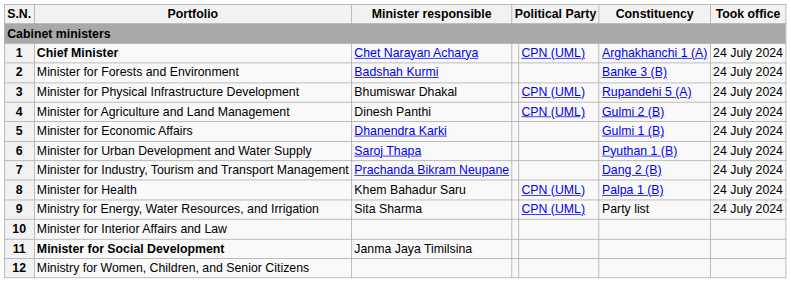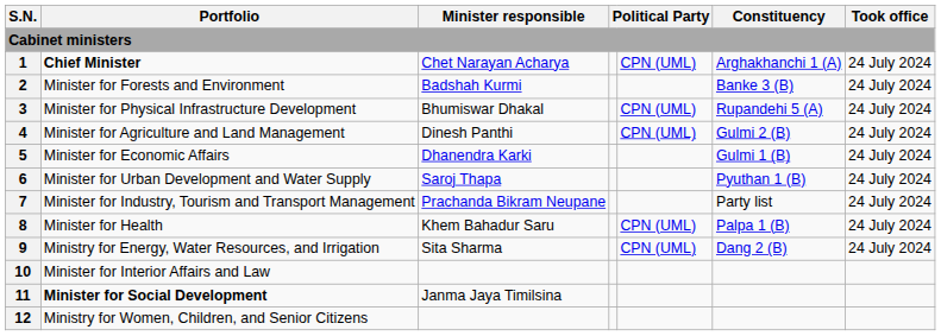 <table class="wikitable">
 <tr>
 <th>S.N.</th>
 <th>Portfolio</th>
 <th>Minister responsible</th>
 <th colspan="2">Political Party</th>
 <th>Constituency</th>
 <th>Took office</th>
 </tr>
 <tr>
 <td colspan="7" bgcolor="darkgrey"><strong>Cabinet ministers</strong></td>
 </tr>
 <tr>
 <th>1</th>
 <td><strong>Chief Minister</strong></td>
 <td><a href='#'>Chet Narayan Acharya</a></td>
 <td></td>
 <td><a href='#'>CPN (UML)</a></td>
 <td><a href='#'>Arghakhanchi 1 (A)</a></td>
 <td>24 July 2024</td>
 </tr>
 <tr>
 <th>2</th>
 <td>Minister for Forests and Environment</td>
 <td><a href='#'>Badshah Kurmi</a></td>
 <td></td>
 <td></td>
 <td><a href='#'>Banke 3 (B)</a></td>
 <td>24 July 2024</td>
 </tr>
 <tr>
 <th>3</th>
 <td>Minister for Physical Infrastructure Development</td>
 <td>Bhumiswar Dhakal</td>
 <td></td>
 <td><a href='#'>CPN (UML)</a></td>
 <td><a href='#'>Rupandehi 5 (A)</a></td>
 <td>24 July 2024</td>
 </tr>
 <tr>
 <th>4</th>
 <td>Minister for Agriculture and Land Management</td>
 <td>Dinesh Panthi</td>
 <td></td>
 <td><a href='#'>CPN (UML)</a></td>
 <td><a href='#'>Gulmi 2 (B)</a></td>
 <td>24 July 2024</td>
 </tr>
 <tr>
 <th>5</th>
 <td>Minister for Economic Affairs</td>
 <td><a href='#'>Dhanendra Karki</a></td>
 <td></td>
 <td></td>
 <td><a href='#'>Gulmi 1 (B)</a></td>
 <td>24 July 2024</td>
 </tr>
 <tr>
 <th>6</th>
 <td>Minister for Urban Development and Water Supply</td>
 <td><a href='#'>Saroj Thapa</a></td>
 <td></td>
 <td></td>
 <td><a href='#'>Pyuthan 1 (B)</a></td>
 <td>24 July 2024</td>
 </tr>
 <tr>
 <th>7</th>
 <td>Minister for Industry, Tourism and Transport Management</td>
 <td><a href='#'>Prachanda Bikram Neupane</a></td>
 <td></td>
 <td></td>
-<td><a href='#'>Dang 2 (B)</a></td>
+<td>Party list</td>
 <td>24 July 2024</td>
 </tr>
 <tr>
 <th>8</th>
 <td>Minister for Health</td>
 <td>Khem Bahadur Saru</td>
 <td></td>
 <td><a href='#'>CPN (UML)</a></td>
 <td><a href='#'>Palpa 1 (B)</a></td>
 <td>24 July 2024</td>
 </tr>
 <tr>
 <th>9</th>
 <td>Ministry for Energy, Water Resources, and Irrigation</td>
 <td>Sita Sharma</td>
 <td></td>
 <td><a href='#'>CPN (UML)</a></td>
-<td>Party list</td>
+<td><a href='#'>Dang 2 (B)</a></td>
 <td>24 July 2024</td>
 </tr>
 <tr>
 <th>10</th>
 <td>Minister for Interior Affairs and Law</td>
 <td></td>
 <td></td>
 <td></td>
 <td></td>
 <td></td>
 </tr>
 <tr>
 <th>11</th>
 <td><strong>Minister for Social Development</strong></td>
 <td>Janma Jaya Timilsina</td>
 <td></td>
 <td></td>
 <td></td>
 <td></td>
 </tr>
 <tr>
 <th>12</th>
 <td>Ministry for Women, Children, and Senior Citizens</td>
 <td></td>
 <td></td>
 <td></td>
 <td></td>
 <td></td>
 </tr>
 </table>
